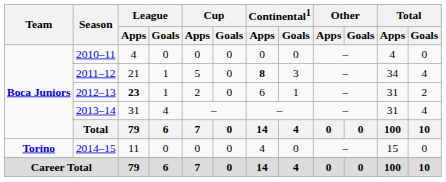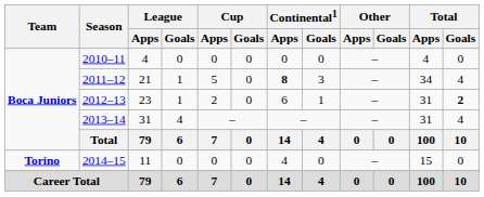 <table class="wikitable" style=font-size:90% text-align: center>
 <tr>
 <th rowspan=2><strong>Team</strong></th>
 <th rowspan=2><strong>Season</strong></th>
 <th colspan=2>League</th>
 <th colspan=2>Cup</th>
 <th colspan=2>Continental<sup>1</sup></th>
 <th colspan=2>Other</th>
 <th colspan=2>Total</th>
 </tr>
 <tr>
 <th align=center><strong>Apps</strong></th>
 <th align=center><strong>Goals</strong></th>
 <th align=center><strong>Apps</strong></th>
 <th align=center><strong>Goals</strong></th>
 <th align=center><strong>Apps</strong></th>
 <th align=center><strong>Goals</strong></th>
 <th align=center><strong>Apps</strong></th>
 <th align=center><strong>Goals</strong></th>
 <th align=center><strong>Apps</strong></th>
 <th align=center><strong>Goals</strong></th>
 </tr>
 <tr>
 <td rowspan="5" align=center><strong><a href='#'>Boca Juniors</a></strong></td>
 <td align=center><a href='#'>2010–11</a></td>
 <td align=center>4</td>
 <td align=center>0</td>
 <td align=center>0</td>
 <td align=center>0</td>
 <td align=center>0</td>
 <td align=center>0</td>
 <td colspan="2" align=center>–</td>
 <td align=center>4</td>
 <td align=center>0</td>
 </tr>
 <tr>
 <td align=center><a href='#'>2011–12</a></td>
 <td align=center>21</td>
 <td align=center>1</td>
 <td align=center>5</td>
 <td align=center>0</td>
 <td align=center><strong>8</strong></td>
 <td align=center>3</td>
 <td colspan="2" align=center>–</td>
 <td align=center>34</td>
 <td align=center>4</td>
 </tr>
 <tr>
 <td align=center><a href='#'>2012–13</a></td>
-<td align=center><strong>23</strong></td>
+<td align=center>23</td>
 <td align=center>1</td>
 <td align=center>2</td>
 <td align=center>0</td>
 <td align=center>6</td>
 <td align=center>1</td>
 <td colspan="2" align=center>–</td>
 <td align=center>31</td>
-<td align=center>2</td>
+<td align=center><strong>2</strong></td>
 </tr>
 <tr>
 <td align=center><a href='#'>2013–14</a></td>
 <td align=center>31</td>
 <td align=center>4</td>
 <td colspan="2" align=center>–</td>
 <td colspan="2" align=center>–</td>
 <td colspan="2" align=center>–</td>
 <td align=center>31</td>
 <td align=center>4</td>
 </tr>
 <tr>
 <th>Total</th>
 <th>79</th>
 <th>6</th>
 <th>7</th>
 <th>0</th>
 <th>14</th>
 <th>4</th>
 <th>0</th>
 <th>0</th>
 <th>100</th>
 <th>10</th>
 </tr>
 <tr>
 <td rowspan="1" align=center><strong><a href='#'>Torino</a></strong></td>
 <td align=center><a href='#'>2014–15</a></td>
 <td align=center>11</td>
 <td align=center>0</td>
 <td align=center>0</td>
 <td align=center>0</td>
 <td align=center>4</td>
 <td align=center>0</td>
 <td colspan="2" align=center>–</td>
 <td align=center>15</td>
 <td align=center>0</td>
 </tr>
 <tr>
 <th style="background: #DCDCDC" colspan=2>Career Total</th>
 <th style="background: #DCDCDC" align=center><strong>79</strong></th>
 <th style="background: #DCDCDC" align=center><strong>6</strong></th>
 <th style="background: #DCDCDC" align=center><strong>7</strong></th>
 <th style="background: #DCDCDC" align=center><strong>0</strong></th>
 <th style="background: #DCDCDC" align=center><strong>14</strong></th>
 <th style="background: #DCDCDC" align=center><strong>4</strong></th>
 <th style="background: #DCDCDC" align=center><strong>0</strong></th>
 <th style="background: #DCDCDC" align=center><strong>0</strong></th>
 <th style="background: #DCDCDC" align=center><strong>100</strong></th>
 <th style="background: #DCDCDC" align=center><strong>10</strong></th>
 </tr>
 </table>
